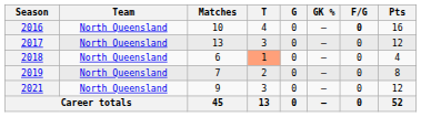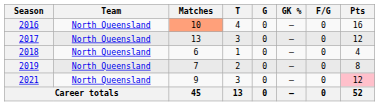 <table class="wikitable sortable"  style="font-size:90%; text-align:center; width:85%;">
 <tr>
 <th width=2%>Season</th>
 <th width=8%>Team</th>
 <th width=2%>Matches</th>
 <th width=2%>T</th>
 <th width=2%>G</th>
 <th width=2%>GK %</th>
 <th width=2%>F/G</th>
 <th width=2%>Pts</th>
 </tr>
 <tr>
 <th scope="row" style="text-align:center; font-weight:normal"><a href='#'>2016</a></th>
 <td style="text-align:center;"> <a href='#'>North Queensland</a></td>
-<td>10</td>
+<td style="background: lightsalmon;">10</td>
 <td>4</td>
 <td>0</td>
 <td>—</td>
-<td><strong>0</strong></td>
+<td>0</td>
 <td>16</td>
 </tr>
 <tr style="background:#eaeaea;">
 <th scope="row" style="text-align:center; font-weight:normal"><a href='#'>2017</a></th>
 <td style="text-align:center;"> <a href='#'>North Queensland</a></td>
 <td>13</td>
 <td>3</td>
 <td>0</td>
 <td>—</td>
 <td>0</td>
 <td>12</td>
 </tr>
 <tr>
 <th scope="row" style="text-align:center; font-weight:normal"><a href='#'>2018</a></th>
 <td style="text-align:center;"> <a href='#'>North Queensland</a></td>
 <td>6</td>
-<td style="background: lightsalmon;">1</td>
+<td>1</td>
 <td>0</td>
 <td>—</td>
 <td>0</td>
 <td>4</td>
 </tr>
 <tr style="background:#eaeaea;">
 <th scope="row" style="text-align:center; font-weight:normal"><a href='#'>2019</a></th>
 <td style="text-align:center;"> <a href='#'>North Queensland</a></td>
 <td>7</td>
 <td>2</td>
 <td>0</td>
 <td>—</td>
 <td>0</td>
 <td>8</td>
 </tr>
 <tr>
 <th scope="row" style="text-align:center; font-weight:normal"><a href='#'>2021</a></th>
 <td style="text-align:center;"> <a href='#'>North Queensland</a></td>
 <td>9</td>
 <td>3</td>
 <td>0</td>
 <td>—</td>
 <td>0</td>
-<td>12</td>
+<td style="background: pink;">12</td>
 </tr>
 <tr class="sortbottom">
 <th colspan=2>Career totals</th>
 <th>45</th>
 <th>13</th>
 <th>0</th>
 <th>—</th>
 <th>0</th>
 <th>52</th>
 </tr>
 </table>
